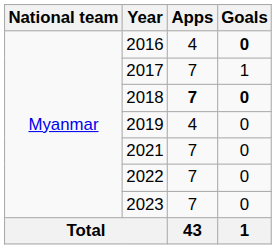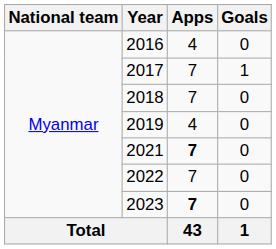 <table class=wikitable style=text-align:center>
 <tr>
 <th>National team</th>
 <th>Year</th>
 <th>Apps</th>
 <th>Goals</th>
 </tr>
 <tr>
 <td rowspan=7><a href='#'>Myanmar</a></td>
 <td>2016</td>
 <td>4</td>
-<td><strong>0</strong></td>
+<td>0</td>
 </tr>
 <tr>
 <td>2017</td>
 <td>7</td>
 <td>1</td>
 </tr>
 <tr>
 <td>2018</td>
-<td><strong>7</strong></td>
-<td><strong>0</strong></td>
+<td>7</td>
+<td>0</td>
 </tr>
 <tr>
 <td>2019</td>
 <td>4</td>
 <td>0</td>
 </tr>
 <tr>
 <td>2021</td>
-<td>7</td>
+<td><strong>7</strong></td>
 <td>0</td>
 </tr>
 <tr>
 <td>2022</td>
 <td>7</td>
 <td>0</td>
 </tr>
 <tr>
 <td>2023</td>
-<td>7</td>
+<td><strong>7</strong></td>
 <td>0</td>
 </tr>
 <tr>
 <th colspan=2>Total</th>
 <th>43</th>
 <th>1</th>
 </tr>
 </table>
